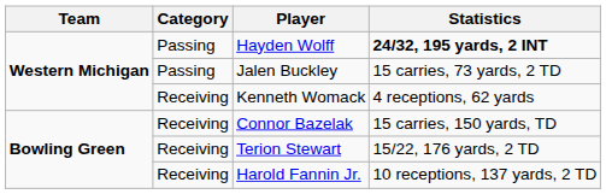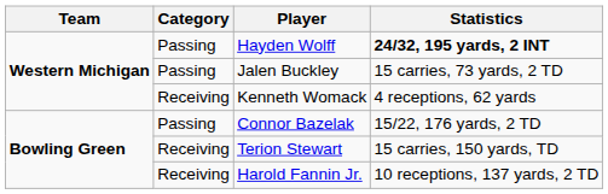 <table class="wikitable" style="float: right;">
 <tr>
 <th>Team</th>
 <th>Category</th>
 <th>Player</th>
 <th>Statistics</th>
 </tr>
 <tr>
 <td rowspan=3><strong>Western Michigan</strong></td>
 <td>Passing</td>
 <td><a href='#'>Hayden Wolff</a></td>
 <td><strong>24/32, 195 yards, 2 INT</strong></td>
 </tr>
 <tr>
 <td>Passing</td>
 <td>Jalen Buckley</td>
 <td>15 carries, 73 yards, 2 TD</td>
 </tr>
 <tr>
 <td>Receiving</td>
 <td>Kenneth Womack</td>
 <td>4 receptions, 62 yards</td>
 </tr>
 <tr>
 <td rowspan=3><strong>Bowling Green</strong></td>
-<td>Receiving</td>
+<td>Passing</td>
 <td><a href='#'>Connor Bazelak</a></td>
-<td>15 carries, 150 yards, TD</td>
+<td>15/22, 176 yards, 2 TD</td>
 </tr>
 <tr>
 <td>Receiving</td>
 <td><a href='#'>Terion Stewart</a></td>
-<td>15/22, 176 yards, 2 TD</td>
+<td>15 carries, 150 yards, TD</td>
 </tr>
 <tr>
 <td>Receiving</td>
 <td><a href='#'>Harold Fannin Jr.</a></td>
 <td>10 receptions, 137 yards, 2 TD</td>
 </tr>
 </table>
